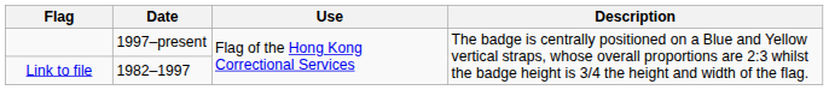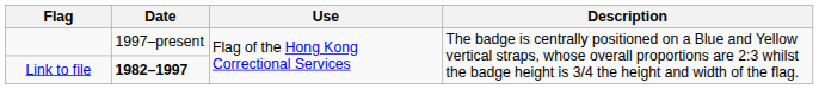 <table class="wikitable" style="background:#f9f9f9">
 <tr>
 <th width="110">Flag</th>
 <th width="100">Date</th>
 <th width="250">Use</th>
 <th width="400">Description</th>
 </tr>
 <tr>
 <td></td>
 <td>1997–present</td>
 <td rowspan="2">Flag of the <a href='#'>Hong Kong Correctional Services</a></td>
 <td rowspan="2">The badge is centrally positioned on a Blue and Yellow vertical straps, whose overall proportions are 2:3 whilst the badge height is 3/4 the height and width of the flag.</td>
 </tr>
 <tr>
 <td style="text-align:center;"><a href='#'>Link to file</a></td>
-<td>1982–1997</td>
+<td><strong>1982–1997</strong></td>
 </tr>
 </table>
